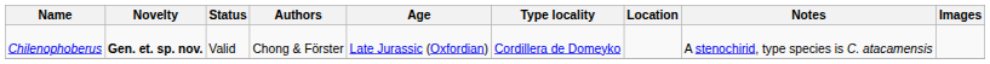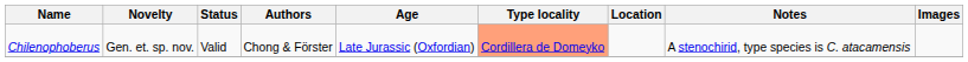 <table class="wikitable sortable" align="center" width="100%">
 <tr>
 <th>Name</th>
 <th>Novelty</th>
 <th>Status</th>
 <th>Authors</th>
 <th>Age</th>
 <th>Type locality</th>
 <th>Location</th>
 <th>Notes</th>
 <th>Images</th>
 </tr>
 <tr>
 <td><br><em><a href='#'>Chilenophoberus</a></em></td>
-<td><strong><br>Gen. et. sp. nov.</strong></td>
+<td><br>Gen. et. sp. nov.</td>
 <td><br>Valid</td>
 <td><br>Chong & Förster</td>
 <td><br><a href='#'>Late Jurassic</a> (<a href='#'>Oxfordian</a>)</td>
-<td><br><a href='#'>Cordillera de Domeyko</a></td>
+<td style="background: lightsalmon;"><br><a href='#'>Cordillera de Domeyko</a></td>
 <td><br></td>
 <td><br>A <a href='#'>stenochirid</a>, type species is <em>C. atacamensis</em></td>
 <td></td>
 </tr>
 <tr>
 </tr>
 </table>
